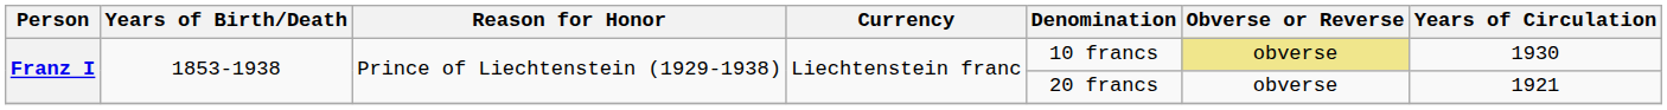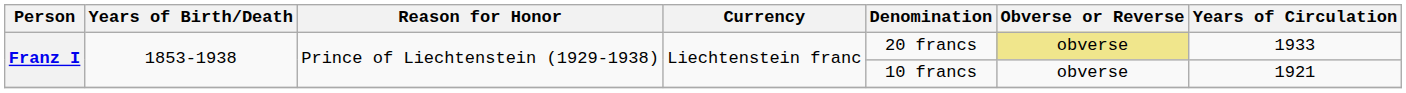 <table class="wikitable" style="font-size:95%; text-align:center;">
 <tr>
 <th>Person</th>
 <th>Years of Birth/Death</th>
 <th>Reason for Honor</th>
 <th>Currency</th>
 <th>Denomination</th>
 <th>Obverse or Reverse</th>
 <th>Years of Circulation</th>
 </tr>
 <tr>
 <th rowspan="2"><a href='#'>Franz I</a></th>
 <td rowspan="2">1853-1938</td>
 <td rowspan="2">Prince of Liechtenstein (1929-1938)</td>
 <td rowspan="2">Liechtenstein franc</td>
-<td>10 francs</td>
+<td>20 francs</td>
 <td style="background: khaki;">obverse</td>
-<td>1930</td>
+<td>1933</td>
 </tr>
 <tr>
-<td>20 francs</td>
+<td>10 francs</td>
 <td>obverse</td>
 <td>1921</td>
 </tr>
 <tr>
 </tr>
 </table>
